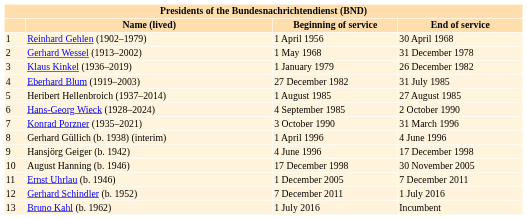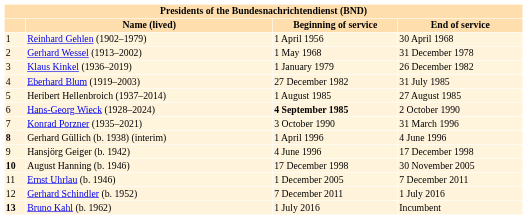 <table |border=0 cellpadding="2" cellspacing="1">
 <tr>
 <td style="background:#ffdead; text-align:center;" colspan="6"><strong>Presidents of the Bundesnachrichtendienst (BND)</strong></td>
 </tr>
 <tr>
 <th style="width:30px; background:#ffdead;"></th>
 <th style="width:400px; background:#ffdead;"><strong>Name (lived)</strong></th>
 <th style="width:200px; background:#ffdead;"><strong>Beginning of service</strong></th>
 <th style="width:200px; background:#ffdead;"><strong>End of service</strong></th>
 </tr>
 <tr>
 <td style="background:#FFF5DC;">1</td>
 <td style="background:#FFF5DC;"><a href='#'>Reinhard Gehlen</a> (1902–1979)</td>
 <td style="background:#fff5dc; text-align:left;">1 April 1956</td>
 <td style="background:#fff5dc; text-align:left;">30 April 1968</td>
 </tr>
 <tr>
 <td style="background:#FFF3DC;">2</td>
 <td style="background:#FFF3DC;"><a href='#'>Gerhard Wessel</a> (1913–2002)</td>
 <td style="background:#fff3dc; text-align:left;">1 May 1968</td>
 <td style="background:#fff3dc; text-align:left;">31 December 1978</td>
 </tr>
 <tr>
 <td style="background:#FFF5DC;">3</td>
 <td style="background:#FFF5DC;"><a href='#'>Klaus Kinkel</a> (1936–2019)</td>
 <td style="background:#fff5dc; text-align:left;">1 January 1979</td>
 <td style="background:#fff5dc; text-align:left;">26 December 1982</td>
 </tr>
 <tr>
 <td style="background:#FFF3DC;">4</td>
 <td style="background:#FFF3DC;"><a href='#'>Eberhard Blum</a> (1919–2003)</td>
 <td style="background:#fff3dc; text-align:left;">27 December 1982</td>
 <td style="background:#fff3dc; text-align:left;">31 July 1985</td>
 </tr>
 <tr>
 <td style="background:#FFF5DC;">5</td>
 <td style="background:#FFF5DC;">Heribert Hellenbroich (1937–2014)</td>
 <td style="background:#fff5dc; text-align:left;">1 August 1985</td>
 <td style="background:#fff5dc; text-align:left;">27 August 1985</td>
 </tr>
 <tr>
 <td style="background:#FFF3DC;">6</td>
 <td style="background:#FFF3DC;"><a href='#'>Hans-Georg Wieck</a> (1928–2024)</td>
-<td style="background:#fff3dc; text-align:left;">4 September 1985</td>
+<td style="background:#fff3dc; text-align:left;"><strong>4 September 1985</strong></td>
 <td style="background:#fff3dc; text-align:left;">2 October 1990</td>
 </tr>
 <tr>
 <td style="background:#FFF5DC;">7</td>
 <td style="background:#FFF5DC;"><a href='#'>Konrad Porzner</a> (1935–2021)</td>
 <td style="background:#fff5dc; text-align:left;">3 October 1990</td>
 <td style="background:#fff5dc; text-align:left;">31 March 1996</td>
 </tr>
 <tr>
-<td style="background:#FFF3DC;">8</td>
+<td style="background:#FFF3DC;"><strong>8</strong></td>
 <td style="background:#FFF3DC;">Gerhard Güllich (b. 1938) (interim)</td>
 <td style="background:#fff3dc; text-align:left;">1 April 1996</td>
 <td style="background:#fff3dc; text-align:left;">4 June 1996</td>
 </tr>
 <tr>
 <td style="background:#FFF5DC;">9</td>
 <td style="background:#FFF5DC;">Hansjörg Geiger (b. 1942)</td>
 <td style="background:#fff5dc; text-align:left;">4 June 1996</td>
 <td style="background:#fff5dc; text-align:left;">17 December 1998</td>
 </tr>
 <tr>
-<td style="background:#FFF3DC;">10</td>
+<td style="background:#FFF3DC;"><strong>10</strong></td>
 <td style="background:#FFF3DC;">August Hanning (b. 1946)</td>
 <td style="background:#fff3dc; text-align:left;">17 December 1998</td>
 <td style="background:#fff3dc; text-align:left;">30 November 2005</td>
 </tr>
 <tr>
 <td style="background:#FFF5DC;">11</td>
 <td style="background:#FFF5DC;"><a href='#'>Ernst Uhrlau</a> (b. 1946)</td>
 <td style="background:#fff5dc; text-align:left;">1 December 2005</td>
 <td style="background:#fff5dc; text-align:left;">7 December 2011</td>
 </tr>
 <tr>
 <td style="background:#FFF3DC;">12</td>
 <td style="background:#FFF3DC;"><a href='#'>Gerhard Schindler</a> (b. 1952)</td>
 <td style="background:#fff3dc; text-align:left;">7 December 2011</td>
 <td style="background:#fff3dc; text-align:left;">1 July 2016</td>
 </tr>
 <tr>
-<td style="background:#FFF3DC;">13</td>
+<td style="background:#FFF3DC;"><strong>13</strong></td>
 <td style="background:#FFF3DC;"><a href='#'>Bruno Kahl</a> (b. 1962)</td>
 <td style="background:#fff3dc; text-align:left;">1 July 2016</td>
 <td style="background:#fff3dc; text-align:left;">Incumbent</td>
 </tr>
 </table>
